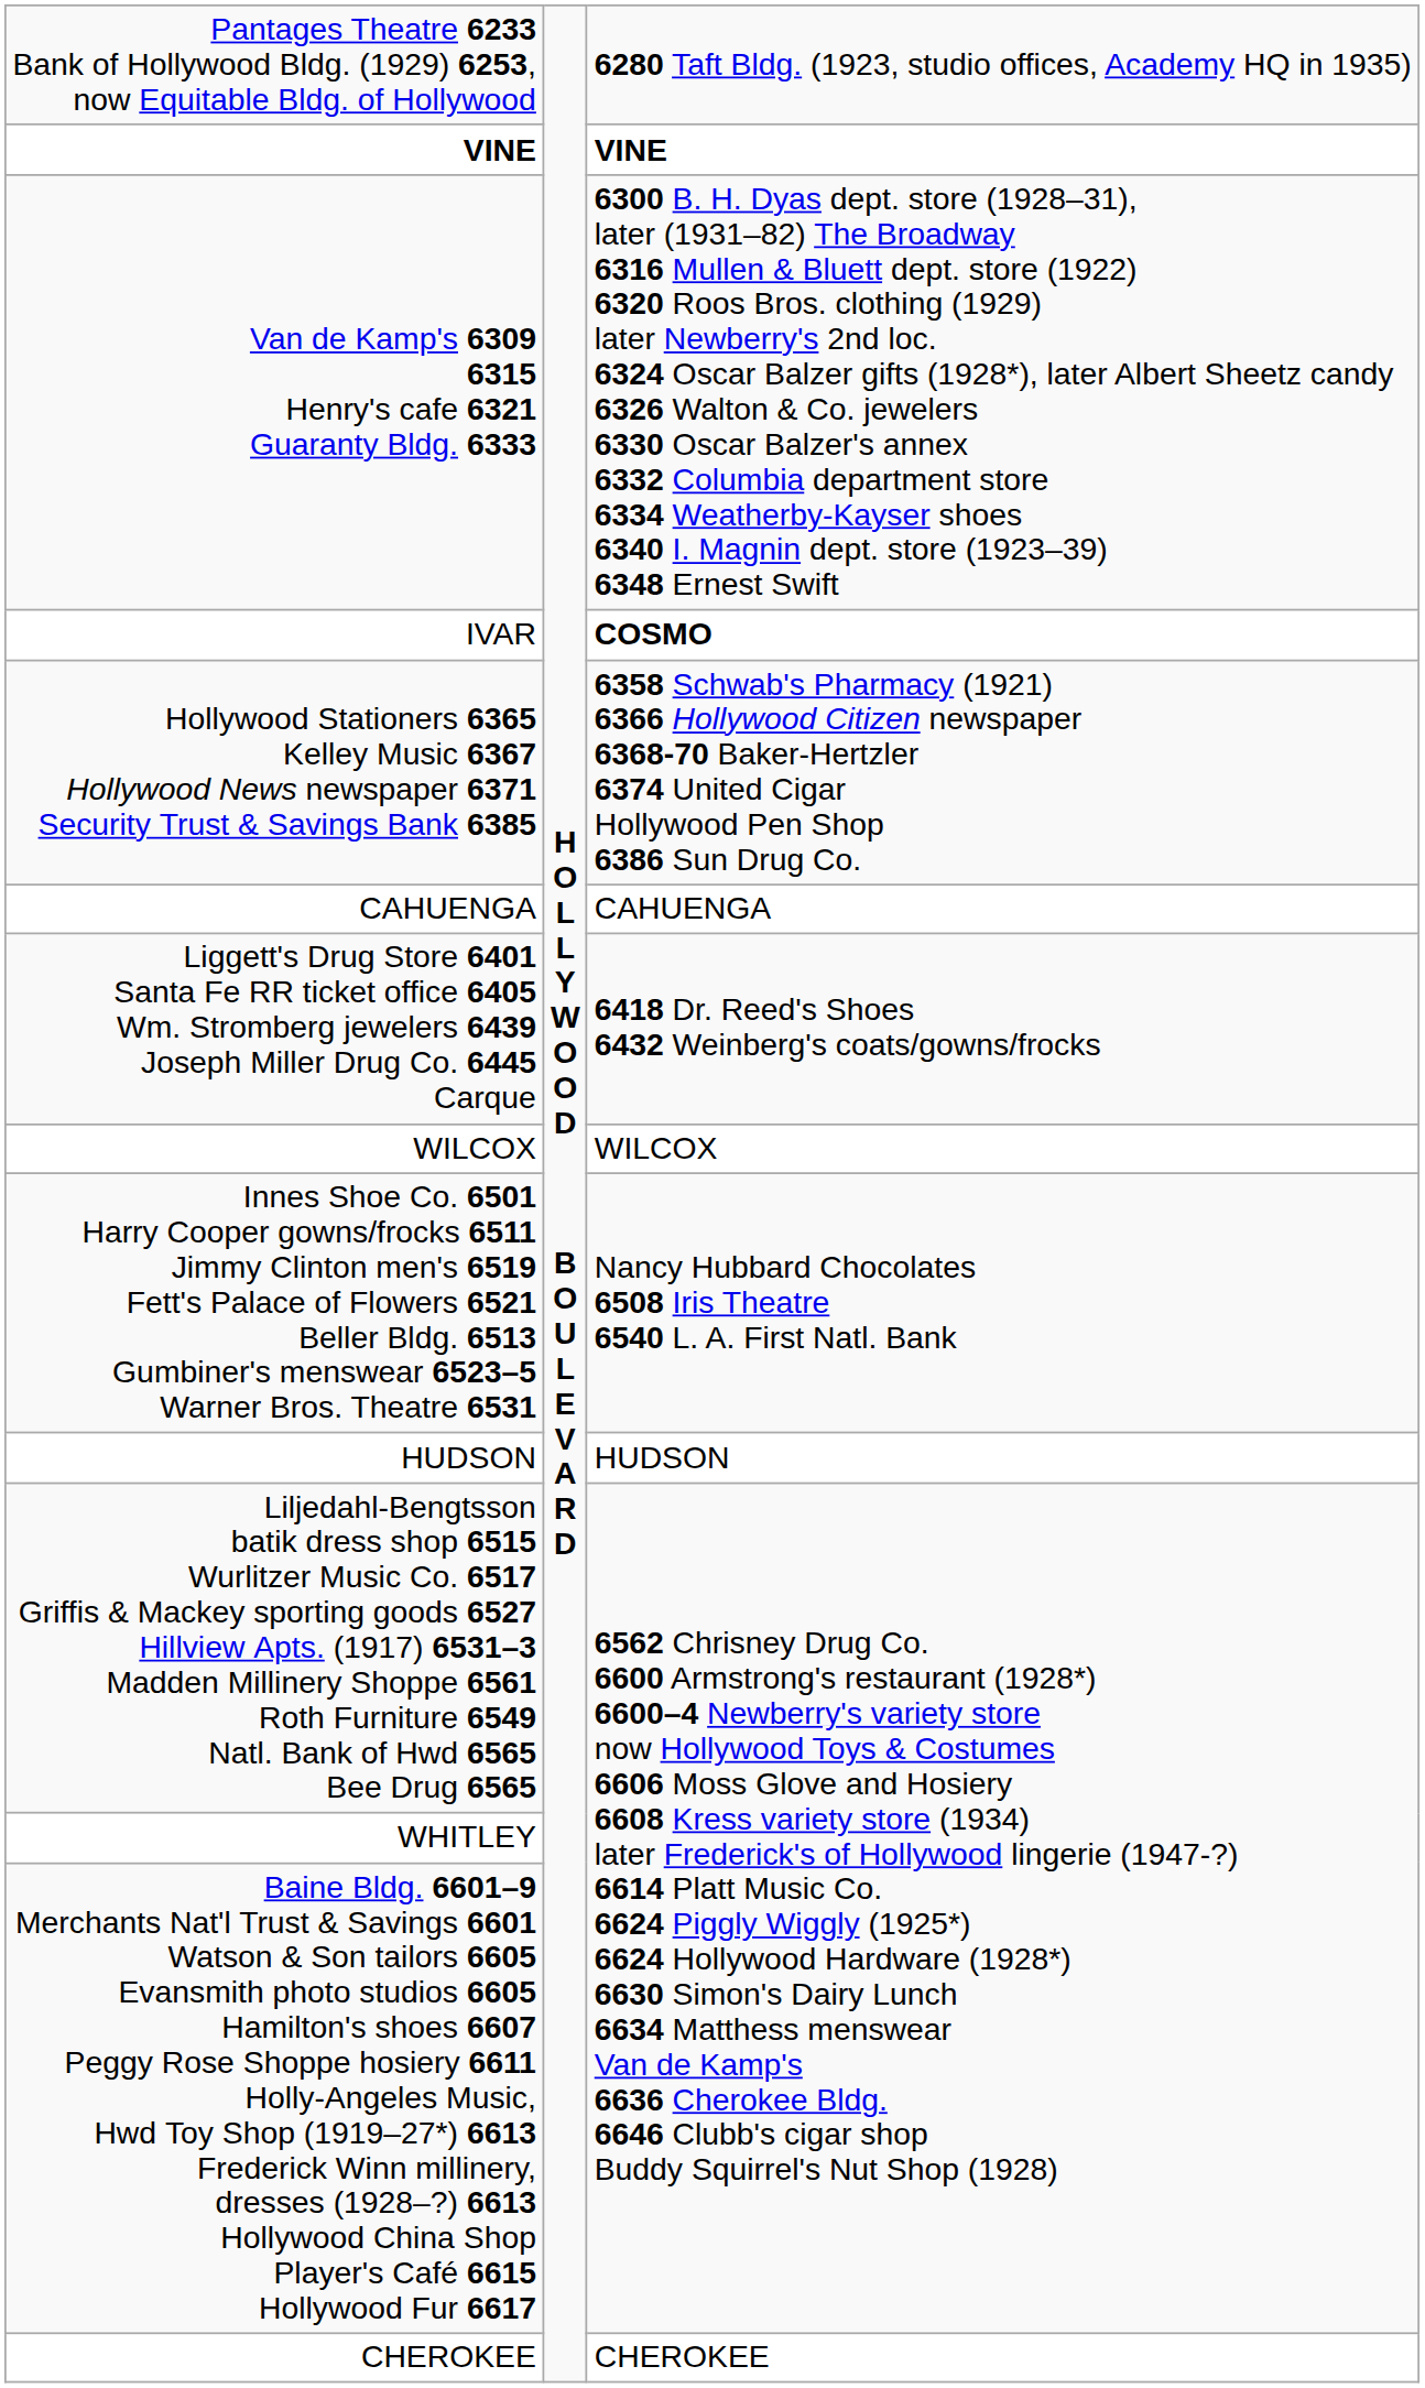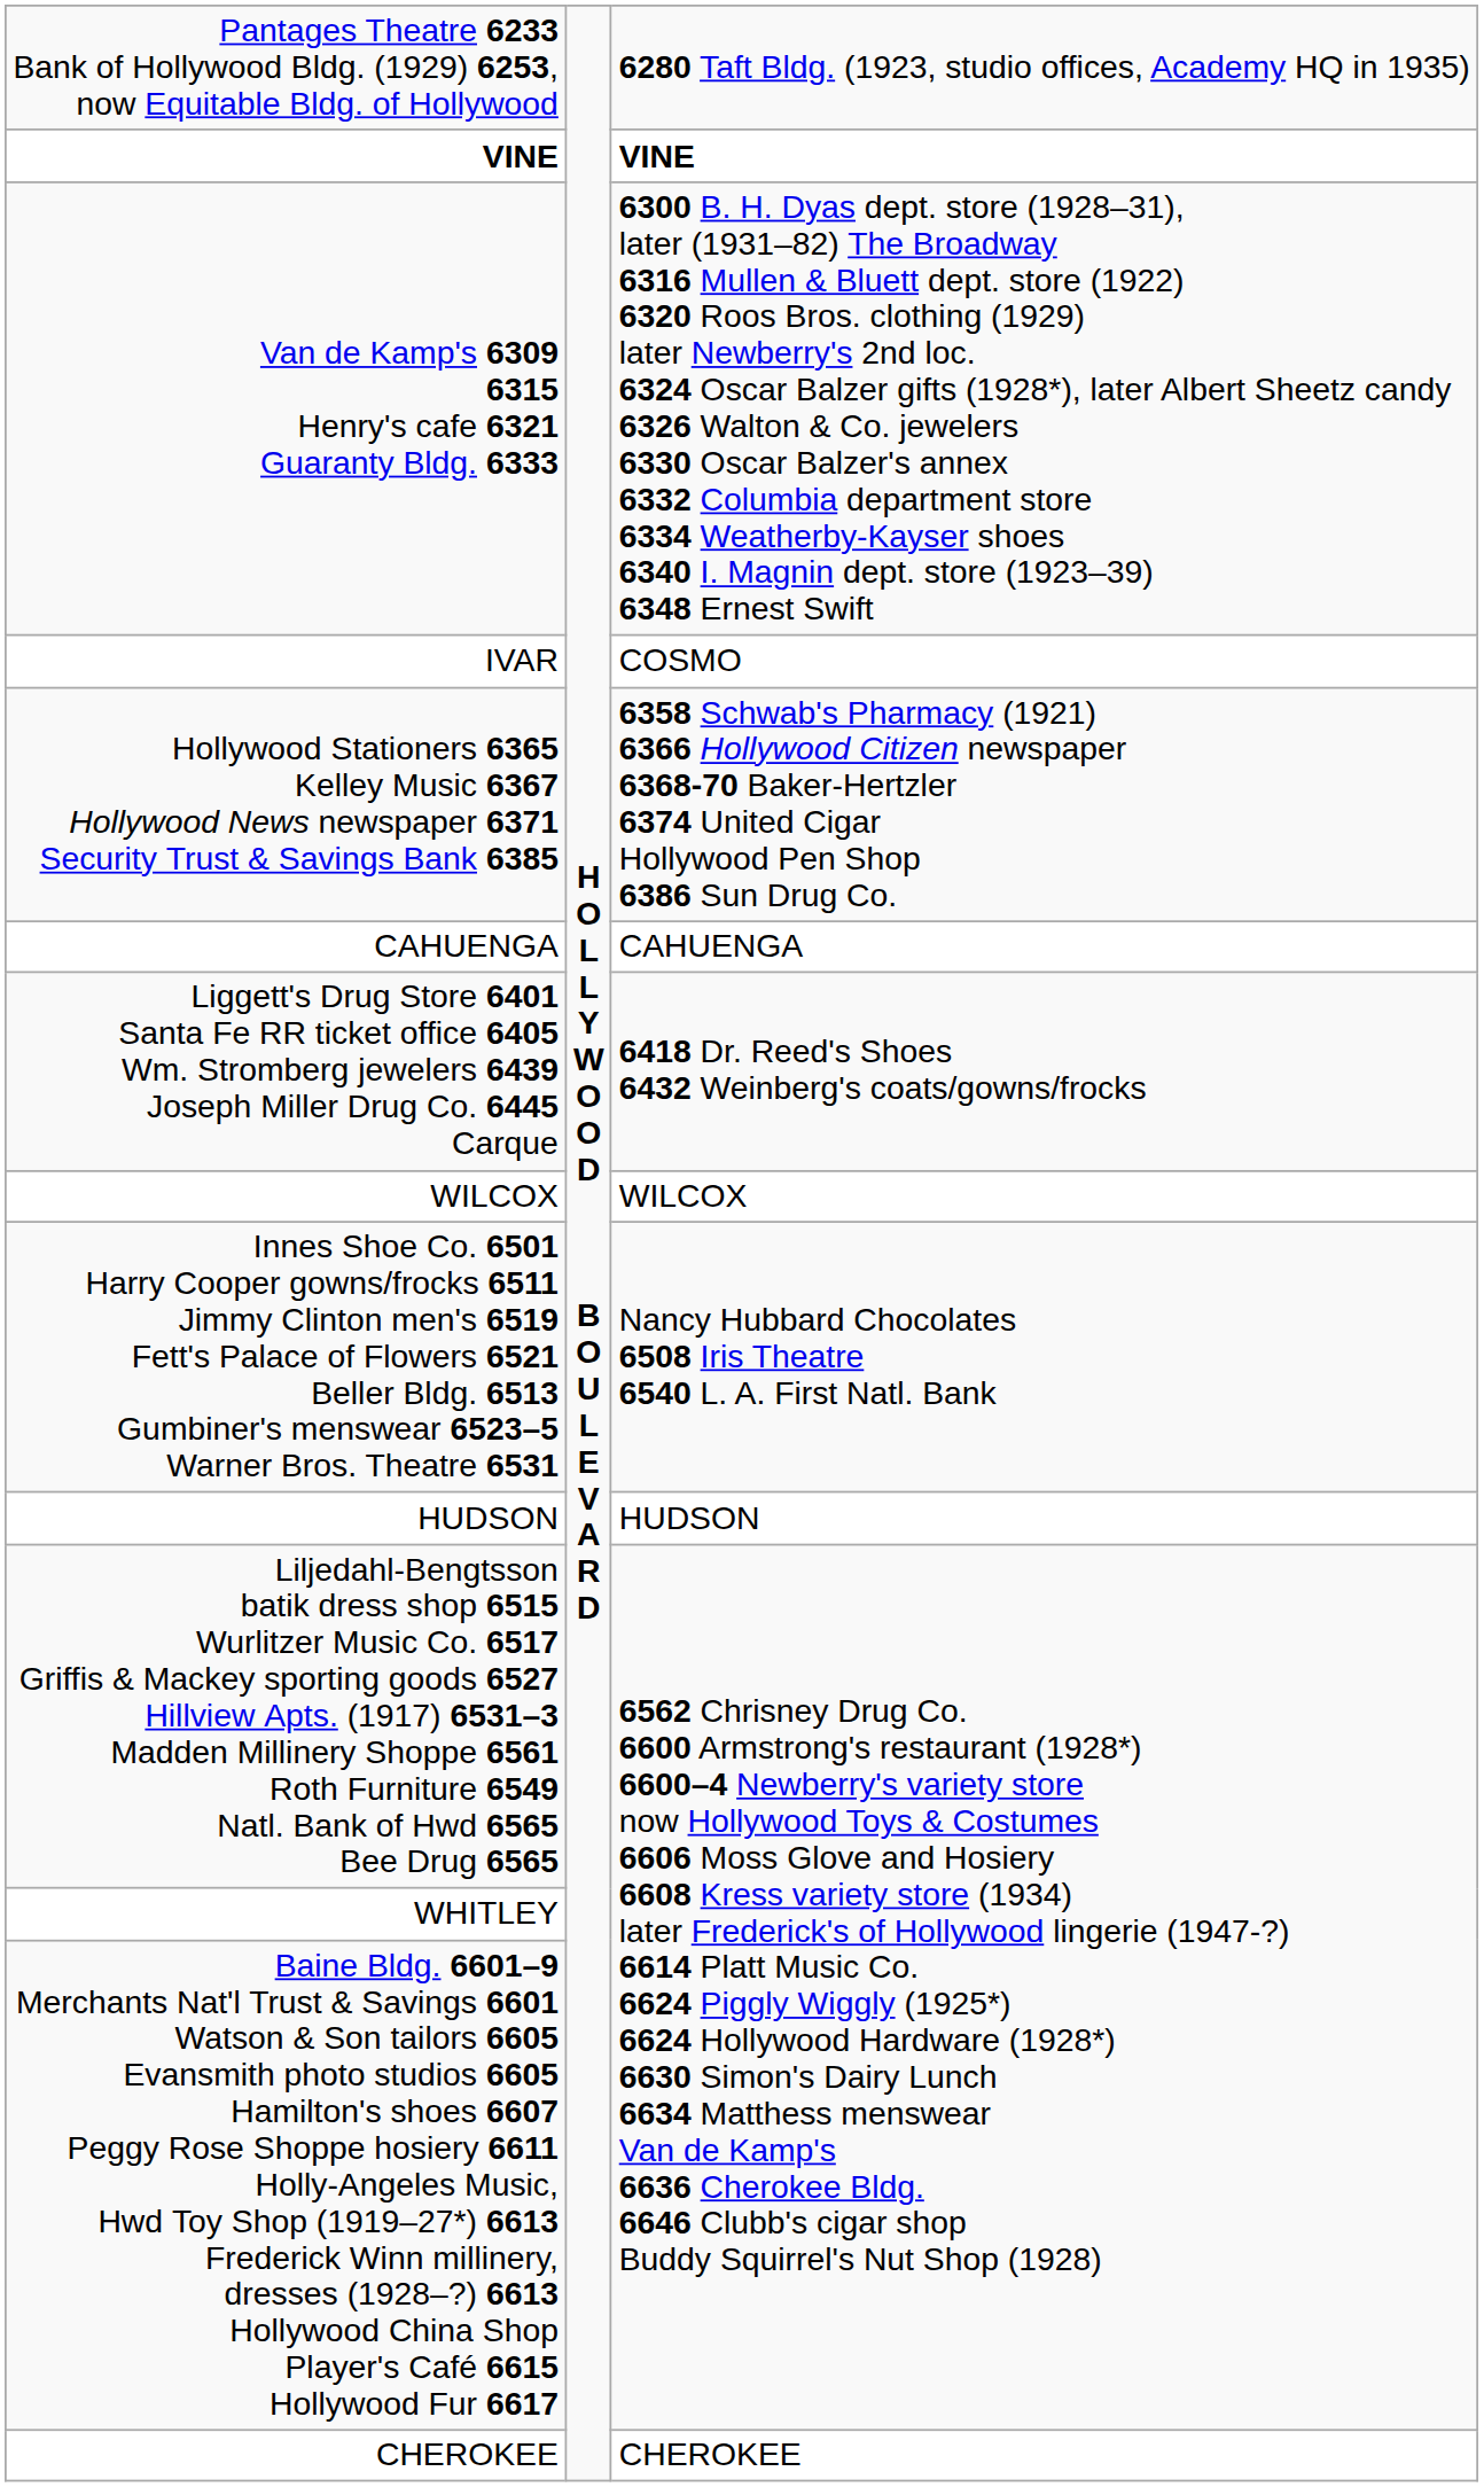 <table class="wikitable">
 <tr>
 <td style="text-align:right;vertical-align=top;"><a href='#'>Pantages Theatre</a> <strong>6233</strong><br> Bank of Hollywood Bldg. (1929) <strong>6253</strong>,<br>now <a href='#'>Equitable Bldg. of Hollywood</a></td>
 <td style="text-align:center;vertical-align=top;" rowspan=16><strong>H<br>O<br>L<br>L<br>Y<br>W<br>O<br>O<br>D<br><br><br><br>B<br>O<br>U<br>L<br>E<br>V<br>A<br>R<br>D </strong></td>
 <td style="text-align:left;vertical-align=top;"><strong>6280</strong> <a href='#'>Taft Bldg.</a> (1923, studio offices, <a href='#'>Academy</a> HQ in 1935)</td>
 </tr>
 <tr>
 <td style="text-align:right;vertical-align=top;background-color:white;"><strong>VINE </strong></td>
 <td style="text-align:left;vertical-align=top;background-color:white;"><strong>VINE</strong></td>
 </tr>
 <tr>
 <td style="text-align:right;vertical-align=top;"><a href='#'>Van de Kamp's</a> <strong>6309</strong><br> <strong>6315</strong><br>Henry's cafe <strong>6321</strong><br><a href='#'>Guaranty Bldg.</a> <strong>6333</strong><br></td>
 <td style="text-align:left;vertical-align=top;"><strong>6300</strong> <a href='#'>B. H. Dyas</a> dept. store (1928–31),<br>later (1931–82) <a href='#'>The Broadway</a><br><strong>6316</strong> <a href='#'>Mullen & Bluett</a> dept. store (1922)  <br><strong>6320</strong> Roos Bros. clothing (1929) <br>later <a href='#'>Newberry's</a> 2nd loc.<br><strong>6324</strong> Oscar Balzer gifts (1928*), later Albert Sheetz candy<br><strong>6326</strong> Walton & Co. jewelers<br><strong>6330</strong> Oscar Balzer's annex<br><strong>6332</strong> <a href='#'>Columbia</a> department store<br><strong>6334</strong> <a href='#'>Weatherby-Kayser</a> shoes<br><strong>6340</strong> <a href='#'>I. Magnin</a> dept. store (1923–39)<br><strong>6348</strong> Ernest Swift</td>
 </tr>
 <tr>
 <td style="text-align:right;vertical-align=top;background-color:white;">IVAR</td>
-<td style="text-align:left;vertical-align=top;background-color:white;"><strong>COSMO</strong></td>
+<td style="text-align:left;vertical-align=top;background-color:white;">COSMO</td>
 </tr>
 <tr>
 <td style="text-align:right;vertical-align=top;">Hollywood Stationers <strong>6365</strong><br>Kelley Music <strong>6367</strong><br><em>Hollywood News</em> newspaper <strong>6371</strong><br><a href='#'>Security Trust & Savings Bank</a> <strong>6385</strong><br></td>
 <td style="text-align:left;vertical-align=top;"><strong>6358</strong> <a href='#'>Schwab's Pharmacy</a> (1921)<br><strong>6366</strong> <em><a href='#'>Hollywood Citizen</a></em> newspaper<br><strong>6368-70</strong> Baker-Hertzler<br><strong>6374</strong> United Cigar<br><strong></strong> Hollywood Pen Shop<br><strong>6386</strong> Sun Drug Co.</td>
 </tr>
 <tr>
 <td style="text-align:right;vertical-align=top;background-color:white;">CAHUENGA</td>
 <td style="text-align:left;vertical-align=top;background-color:white;">CAHUENGA</td>
 </tr>
 <tr>
 <td style="text-align:right;vertical-align=top;">Liggett's Drug Store <strong>6401</strong><br>Santa Fe RR ticket office <strong>6405</strong><br>Wm. Stromberg jewelers <strong>6439</strong><br>Joseph Miller Drug Co. <strong>6445</strong><br>Carque</td>
 <td style="text-align:left;vertical-align=top;"><strong>6418</strong> Dr. Reed's Shoes<br><strong>6432</strong> Weinberg's coats/gowns/frocks</td>
 </tr>
 <tr>
 <td style="text-align:right;vertical-align=top;background-color:white;">WILCOX</td>
 <td style="text-align:left;vertical-align=top;background-color:white;">WILCOX</td>
 </tr>
 <tr>
 <td style="text-align:right;vertical-align=top;">Innes Shoe Co. <strong>6501</strong><br>Harry Cooper gowns/frocks <strong>6511</strong><br>Jimmy Clinton men's <strong>6519</strong><br>Fett's Palace of Flowers <strong>6521</strong><br>Beller Bldg. <strong>6513</strong><br>Gumbiner's menswear <strong>6523–5</strong><br>Warner Bros. Theatre <strong>6531</strong></td>
 <td style="text-align:left;vertical-align=top;"><strong></strong> Nancy Hubbard Chocolates<br><strong>6508</strong> <a href='#'>Iris Theatre</a><br><strong>6540</strong> L. A. First Natl.  Bank</td>
 </tr>
 <tr>
 <td style="text-align:right;vertical-align=top;background-color:white;">HUDSON</td>
 <td style="text-align:left;vertical-align=top;background-color:white;">HUDSON</td>
 </tr>
 <tr>
 <td style="text-align:right;vertical-align=top;">Liljedahl-Bengtsson<br>batik dress shop <strong>6515</strong><br>Wurlitzer Music Co. <strong>6517</strong><br>Griffis & Mackey sporting goods <strong>6527</strong><br><a href='#'>Hillview Apts.</a> (1917) <strong>6531–3</strong><br>Madden Millinery Shoppe <strong>6561</strong><br>Roth Furniture <strong>6549</strong><br>Natl. Bank of Hwd <strong>6565</strong><br>Bee Drug <strong>6565</strong></td>
 <td style="text-align:left;vertical-align=top;" ROWSPAN=3><strong>6562</strong> Chrisney Drug Co.<br><strong>6600</strong> Armstrong's restaurant (1928*)<br><strong>6600–4</strong> <a href='#'>Newberry's variety store</a><br>now <a href='#'>Hollywood Toys & Costumes</a><br><strong>6606</strong> Moss Glove and Hosiery<br><strong>6608</strong> <a href='#'>Kress variety store</a> (1934)<br>later <a href='#'>Frederick's of Hollywood</a> lingerie (1947-?)<br><strong>6614</strong> Platt Music Co.<br><strong>6624</strong> <a href='#'>Piggly Wiggly</a> (1925*)<br><strong>6624</strong> Hollywood Hardware (1928*)<br><strong>6630</strong> Simon's Dairy Lunch<br><strong>6634</strong> Matthess menswear<br><strong></strong> <a href='#'>Van de Kamp's</a><br><strong>6636</strong> <a href='#'>Cherokee Bldg.</a><br><strong>6646</strong> Clubb's cigar shop<br><strong></strong> Buddy Squirrel's Nut Shop (1928)</td>
 </tr>
 <tr>
 <td style="text-align:right;vertical-align=top;background-color:white;">WHITLEY</td>
 </tr>
 <tr>
 <td style="text-align:right;vertical-align=top;"><a href='#'>Baine Bldg.</a> <strong>6601–9</strong><br>Merchants Nat'l Trust & Savings <strong>6601</strong><br>Watson & Son tailors <strong>6605</strong><br>Evansmith photo studios <strong>6605</strong><br>Hamilton's shoes <strong>6607</strong><br>Peggy Rose Shoppe hosiery <strong>6611</strong><br>Holly-Angeles Music, <strong></strong><br>Hwd Toy Shop (1919–27*) <strong>6613</strong><br>Frederick Winn millinery,<br> dresses (1928–?) <strong>6613</strong><br>Hollywood China Shop <strong></strong><br>Player's Café <strong>6615</strong><br>Hollywood Fur <strong>6617</strong></td>
 </tr>
 <tr>
 <td style="text-align:right;vertical-align=top;background-color:white;">CHEROKEE</td>
 <td style="text-align:left;vertical-align=top;background-color:white;">CHEROKEE</td>
 </tr>
 </table>
